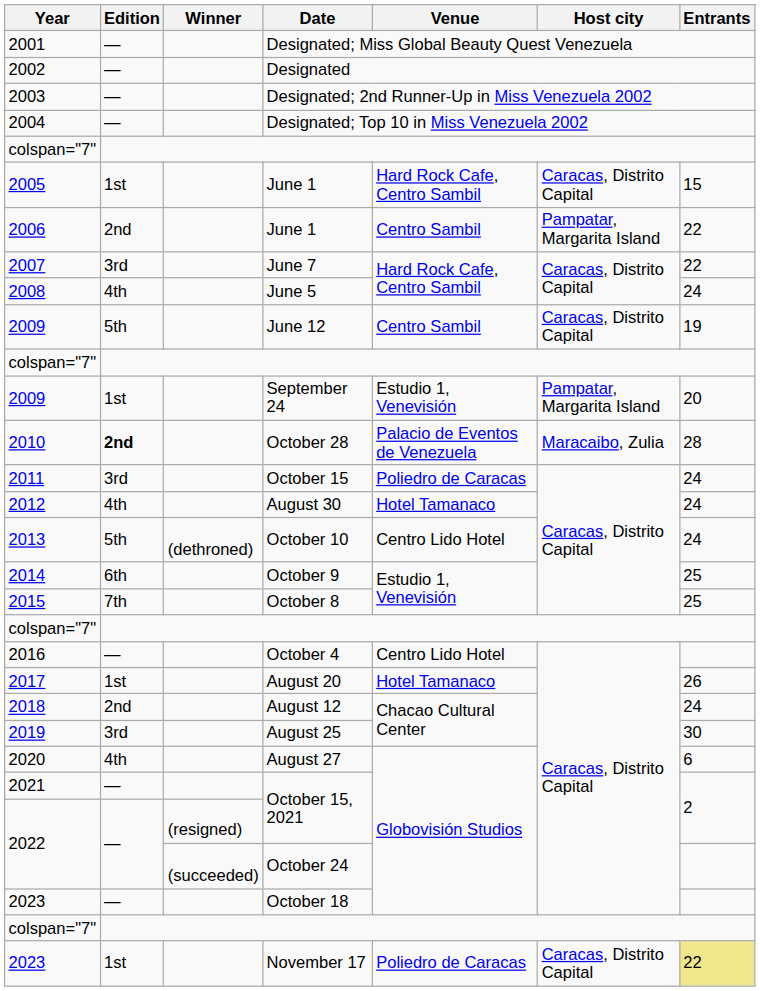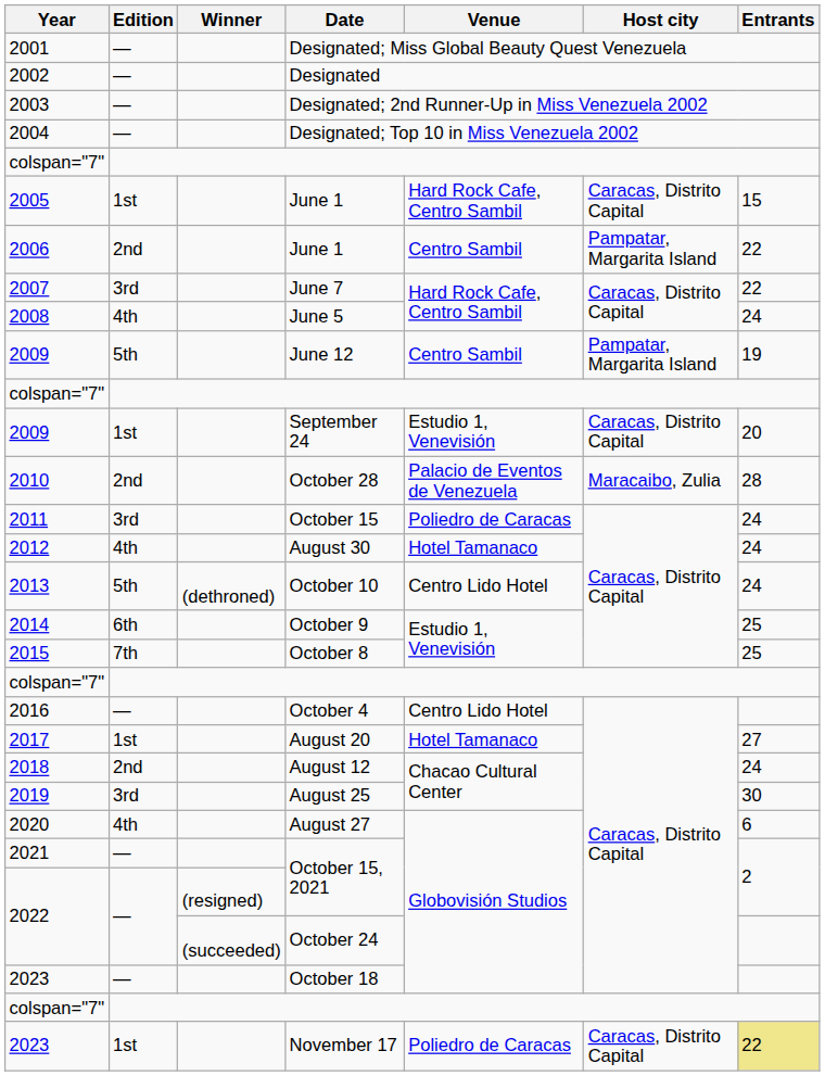 <table class="wikitable sortable" style="font-size: 84%;">
 <tr>
 <th>Year</th>
 <th>Edition</th>
 <th>Winner</th>
 <th>Date</th>
 <th>Venue</th>
 <th>Host city</th>
 <th>Entrants</th>
 </tr>
 <tr>
 <td>2001</td>
 <td>—</td>
 <td></td>
 <td colspan="4">Designated; Miss Global Beauty Quest Venezuela</td>
 </tr>
 <tr>
 <td>2002</td>
 <td>—</td>
 <td></td>
 <td colspan="4">Designated</td>
 </tr>
 <tr>
 <td>2003</td>
 <td>—</td>
 <td></td>
 <td colspan="4">Designated; 2nd Runner-Up in <a href='#'>Miss Venezuela 2002</a></td>
 </tr>
 <tr>
 <td>2004</td>
 <td>—</td>
 <td></td>
 <td colspan="4">Designated; Top 10 in <a href='#'>Miss Venezuela 2002</a></td>
 </tr>
 <tr>
 <td>colspan="7" </td>
 </tr>
 <tr>
 <td><a href='#'>2005</a></td>
 <td>1st</td>
 <td></td>
 <td>June 1</td>
 <td><a href='#'>Hard Rock Cafe</a>, <a href='#'>Centro Sambil</a></td>
 <td><a href='#'>Caracas</a>, Distrito Capital</td>
 <td>15</td>
 </tr>
 <tr>
 <td><a href='#'>2006</a></td>
 <td>2nd</td>
 <td></td>
 <td>June 1</td>
 <td><a href='#'>Centro Sambil</a></td>
 <td><a href='#'>Pampatar</a>, Margarita Island</td>
 <td>22</td>
 </tr>
 <tr>
 <td><a href='#'>2007</a></td>
 <td>3rd</td>
 <td></td>
 <td>June 7</td>
 <td rowspan="2"><a href='#'>Hard Rock Cafe</a>, <a href='#'>Centro Sambil</a></td>
 <td rowspan="2"><a href='#'>Caracas</a>, Distrito Capital</td>
 <td>22</td>
 </tr>
 <tr>
 <td><a href='#'>2008</a></td>
 <td>4th</td>
 <td></td>
 <td>June 5</td>
 <td>24</td>
 </tr>
 <tr>
 <td><a href='#'>2009</a></td>
 <td>5th</td>
 <td></td>
 <td>June 12</td>
 <td><a href='#'>Centro Sambil</a></td>
-<td><a href='#'>Caracas</a>, Distrito Capital</td>
+<td><a href='#'>Pampatar</a>, Margarita Island</td>
 <td>19</td>
 </tr>
 <tr>
 <td>colspan="7" </td>
 </tr>
 <tr>
 <td><a href='#'>2009</a></td>
 <td>1st</td>
 <td></td>
 <td>September 24</td>
 <td>Estudio 1, <a href='#'>Venevisión</a></td>
-<td><a href='#'>Pampatar</a>, Margarita Island</td>
+<td><a href='#'>Caracas</a>, Distrito Capital</td>
 <td>20</td>
 </tr>
 <tr>
 <td><a href='#'>2010</a></td>
-<td><strong>2nd</strong></td>
+<td>2nd</td>
 <td></td>
 <td>October 28</td>
 <td><a href='#'>Palacio de Eventos de Venezuela</a></td>
 <td><a href='#'>Maracaibo</a>, Zulia</td>
 <td>28</td>
 </tr>
 <tr>
 <td><a href='#'>2011</a></td>
 <td>3rd</td>
 <td></td>
 <td>October 15</td>
 <td><a href='#'>Poliedro de Caracas</a></td>
 <td rowspan="5"><a href='#'>Caracas</a>, Distrito Capital</td>
 <td>24</td>
 </tr>
 <tr>
 <td><a href='#'>2012</a></td>
 <td>4th</td>
 <td></td>
 <td>August 30</td>
 <td><a href='#'>Hotel Tamanaco</a></td>
 <td>24</td>
 </tr>
 <tr>
 <td><a href='#'>2013</a></td>
 <td>5th</td>
 <td><br>(dethroned)</td>
 <td>October 10</td>
 <td>Centro Lido Hotel</td>
 <td>24</td>
 </tr>
 <tr>
 <td><a href='#'>2014</a></td>
 <td>6th</td>
 <td></td>
 <td>October 9</td>
 <td rowspan="2">Estudio 1, <a href='#'>Venevisión</a></td>
 <td>25</td>
 </tr>
 <tr>
 <td><a href='#'>2015</a></td>
 <td>7th</td>
 <td></td>
 <td>October 8</td>
 <td>25</td>
 </tr>
 <tr>
 <td>colspan="7" </td>
 </tr>
 <tr>
 <td>2016</td>
 <td>—</td>
 <td></td>
 <td>October 4</td>
 <td>Centro Lido Hotel</td>
 <td rowspan="9"><a href='#'>Caracas</a>, Distrito Capital</td>
 <td></td>
 </tr>
 <tr>
 <td><a href='#'>2017</a></td>
 <td>1st</td>
 <td></td>
 <td>August 20</td>
 <td><a href='#'>Hotel Tamanaco</a></td>
-<td>26</td>
+<td>27</td>
 </tr>
 <tr>
 <td><a href='#'>2018</a></td>
 <td>2nd</td>
 <td></td>
 <td>August 12</td>
 <td rowspan="2">Chacao Cultural Center</td>
 <td>24</td>
 </tr>
 <tr>
 <td><a href='#'>2019</a></td>
 <td>3rd</td>
 <td></td>
 <td>August 25</td>
 <td>30</td>
 </tr>
 <tr>
 <td>2020</td>
 <td>4th</td>
 <td></td>
 <td>August 27</td>
 <td rowspan="5"><a href='#'>Globovisión Studios</a></td>
 <td>6</td>
 </tr>
 <tr>
 <td>2021</td>
 <td>—</td>
 <td></td>
 <td rowspan="2">October 15, 2021</td>
 <td rowspan="2">2</td>
 </tr>
 <tr>
 <td rowspan="2">2022</td>
 <td rowspan="2">—</td>
 <td><br>(resigned)</td>
 </tr>
 <tr>
 <td><br>(succeeded)</td>
 <td>October 24</td>
 <td></td>
 </tr>
 <tr>
 <td>2023</td>
 <td>—</td>
 <td></td>
 <td>October 18</td>
 <td></td>
 </tr>
 <tr>
 <td>colspan="7" </td>
 </tr>
 <tr>
 <td><a href='#'>2023</a></td>
 <td>1st</td>
 <td></td>
 <td>November 17</td>
 <td><a href='#'>Poliedro de Caracas</a></td>
 <td><a href='#'>Caracas</a>, Distrito Capital</td>
 <td style="background: khaki;">22</td>
 </tr>
 </table>
